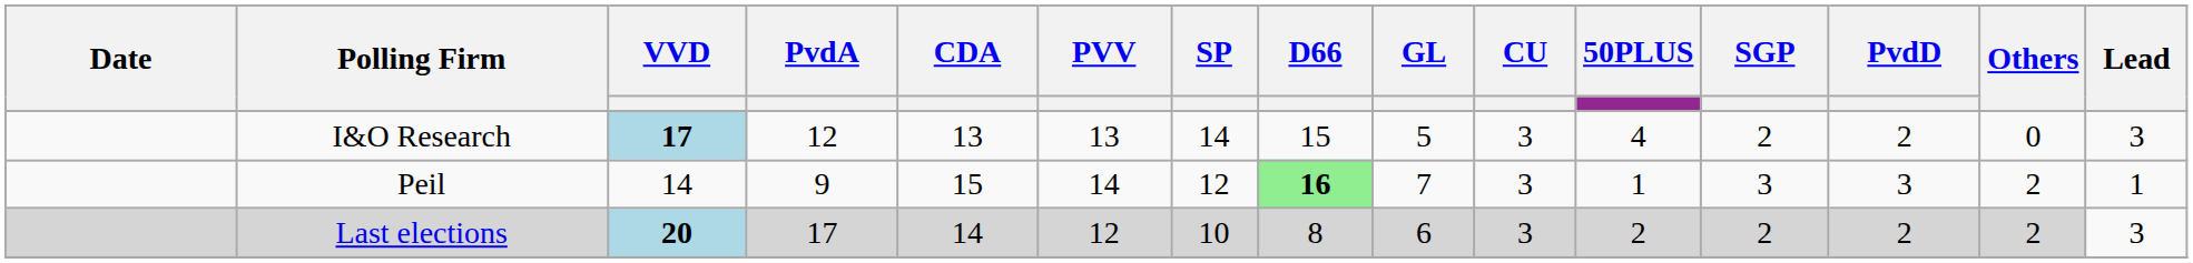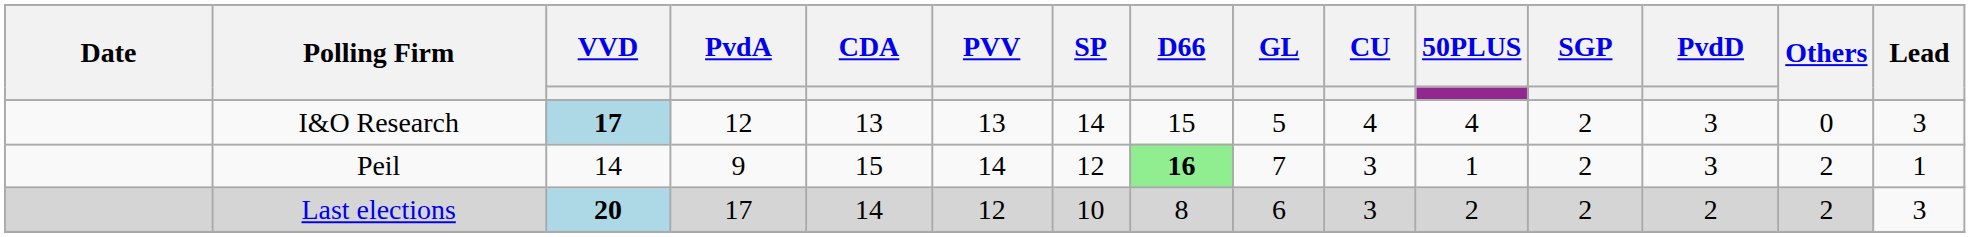 <table class="wikitable sortable" style="text-align:center; font-size:90%; line-height:16px;" width="80%">
 <tr style="height:42px;">
 <th style="width:100px;" rowspan="2">Date</th>
 <th style="width:165px;" rowspan="2">Polling Firm</th>
 <th class="unsortable"><a href='#'><span>VVD</span></a></th>
 <th class="unsortable"><a href='#'><span>PvdA</span></a></th>
 <th class="unsortable"><a href='#'><span>CDA</span></a></th>
 <th class="unsortable"><a href='#'><span>PVV</span></a></th>
 <th class="unsortable"><a href='#'><span>SP</span></a></th>
 <th class="unsortable"><a href='#'><span>D66</span></a></th>
 <th class="unsortable"><a href='#'><span>GL</span></a></th>
 <th class="unsortable"><a href='#'><span>CU</span></a></th>
 <th class="unsortable"><a href='#'><span>50PLUS</span></a></th>
 <th class="unsortable"><a href='#'><span>SGP</span></a></th>
 <th class="unsortable"><a href='#'><span>PvdD</span></a></th>
 <th class="unsortable" style="width:40px;" rowspan="2"><a href='#'><span>Others</span></a></th>
 <th style="width:40px;" rowspan="2">Lead</th>
 </tr>
 <tr>
 <th style="background:"></th>
 <th style="background:"></th>
 <th style="background:"></th>
 <th style="background:"></th>
 <th style="background:"></th>
 <th style="background:"></th>
 <th style="background:"></th>
 <th style="background:"></th>
 <th style="background:#92278F; width:40px;"></th>
 <th style="background:"></th>
 <th style="background:"></th>
 </tr>
 <tr>
 <td></td>
 <td>I&O Research</td>
 <td style="background:lightblue"><strong>17</strong></td>
 <td>12</td>
 <td>13</td>
 <td>13</td>
 <td>14</td>
 <td>15</td>
 <td>5</td>
-<td>3</td>
+<td>4</td>
 <td>4</td>
 <td>2</td>
-<td>2</td>
+<td>3</td>
 <td>0</td>
 <td style="background:">3</td>
 </tr>
 <tr>
 <td></td>
 <td>Peil</td>
 <td>14</td>
 <td>9</td>
 <td>15</td>
 <td>14</td>
 <td>12</td>
 <td style="background:lightgreen"><strong>16</strong></td>
 <td>7</td>
 <td>3</td>
 <td>1</td>
-<td>3</td>
+<td>2</td>
 <td>3</td>
 <td>2</td>
 <td style="background:">1</td>
 </tr>
 <tr>
 <td style="background:#D5D5D5"></td>
 <td style="background:#D5D5D5"><a href='#'>Last elections</a></td>
 <td style="background:lightblue"><strong>20</strong></td>
 <td style="background:#D5D5D5">17</td>
 <td style="background:#D5D5D5">14</td>
 <td style="background:#D5D5D5">12</td>
 <td style="background:#D5D5D5">10</td>
 <td style="background:#D5D5D5">8</td>
 <td style="background:#D5D5D5">6</td>
 <td style="background:#D5D5D5">3</td>
 <td style="background:#D5D5D5">2</td>
 <td style="background:#D5D5D5">2</td>
 <td style="background:#D5D5D5">2</td>
 <td style="background:#D5D5D5">2</td>
 <td style="background:">3</td>
 </tr>
 <tr>
 </tr>
 </table>
